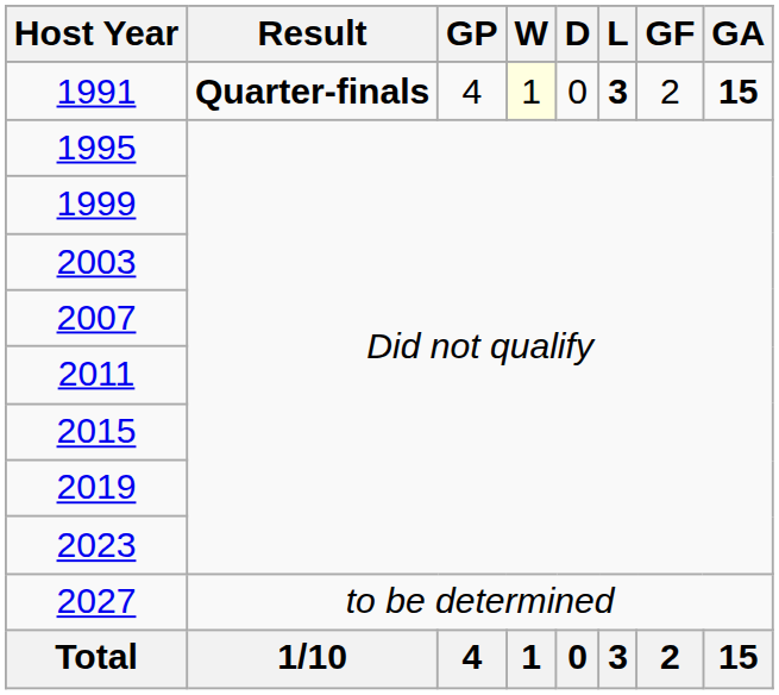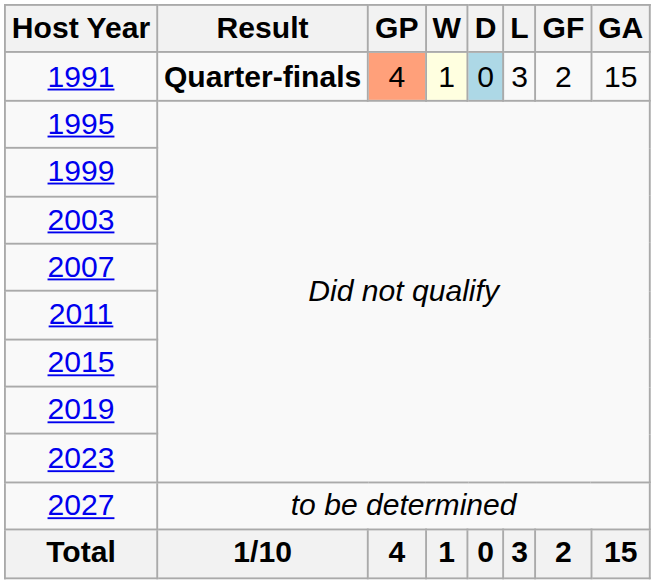 <table class="wikitable" style="text-align: center;">
 <tr>
 <th>Host Year</th>
 <th>Result</th>
 <th>GP</th>
 <th>W</th>
 <th>D</th>
 <th>L</th>
 <th>GF</th>
 <th>GA</th>
 </tr>
 <tr>
 <td> <a href='#'>1991</a></td>
 <td><strong>Quarter-finals</strong></td>
-<td>4</td>
+<td style="background: lightsalmon;">4</td>
 <td style="background: lightyellow;">1</td>
-<td>0</td>
-<td><strong>3</strong></td>
+<td style="background: lightblue;">0</td>
+<td>3</td>
 <td>2</td>
-<td><strong>15</strong></td>
+<td>15</td>
 </tr>
 <tr>
 <td> <a href='#'>1995</a></td>
 <td colspan=8 rowspan=8><em>Did not qualify</em></td>
 </tr>
 <tr>
 <td> <a href='#'>1999</a></td>
 </tr>
 <tr>
 <td> <a href='#'>2003</a></td>
 </tr>
 <tr>
 <td> <a href='#'>2007</a></td>
 </tr>
 <tr>
 <td> <a href='#'>2011</a></td>
 </tr>
 <tr>
 <td> <a href='#'>2015</a></td>
 </tr>
 <tr>
 <td> <a href='#'>2019</a></td>
 </tr>
 <tr>
 <td>  <a href='#'>2023</a></td>
 </tr>
 <tr>
 <td> <a href='#'>2027</a></td>
 <td colspan=8><em>to be determined</em></td>
 </tr>
 <tr>
 <th><strong>Total</strong></th>
 <th><strong>1/10</strong></th>
 <th><strong>4</strong></th>
 <th><strong>1</strong></th>
 <th><strong>0</strong></th>
 <th><strong>3</strong></th>
 <th><strong>2</strong></th>
 <th><strong>15</strong></th>
 </tr>
 </table>
